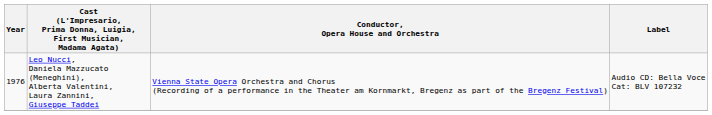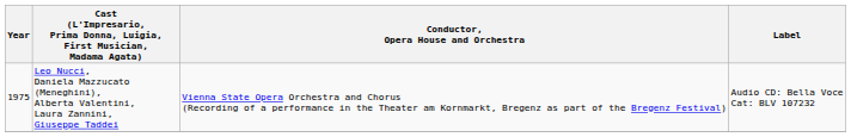 <table class="wikitable">
 <tr>
 <th>Year</th>
 <th width="200">Cast <br>(L'Impresario,<br>Prima Donna, Luigia,<br>First Musician,<br>Madama Agata)</th>
 <th>Conductor,<br>Opera House and Orchestra</th>
 <th>Label</th>
 </tr>
 <tr>
-<td>1976</td>
+<td>1975</td>
 <td><a href='#'>Leo Nucci</a>,<br>Daniela Mazzucato (Meneghini),<br>Alberta Valentini,<br>Laura Zannini,<br><a href='#'>Giuseppe Taddei</a></td>
 <td><br><a href='#'>Vienna State Opera</a> Orchestra and Chorus<br>(Recording of a performance in the Theater am Kornmarkt, Bregenz as part of the <a href='#'>Bregenz Festival</a>)</td>
 <td>Audio CD: Bella Voce<br>Cat: BLV 107232</td>
 </tr>
 <tr>
 </tr>
 </table>
